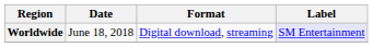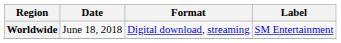 <table class="wikitable plainrowheaders">
 <tr>
 <th>Region</th>
 <th>Date</th>
 <th>Format</th>
 <th>Label</th>
 </tr>
 <tr>
 <th scope=row>Worldwide</th>
 <td>June 18, 2018</td>
 <td><a href='#'>Digital download</a>, <a href='#'>streaming</a></td>
-<td style="background: lavender;"><a href='#'>SM Entertainment</a></td>
+<td><a href='#'>SM Entertainment</a></td>
 </tr>
 <tr>
 </tr>
 </table>
